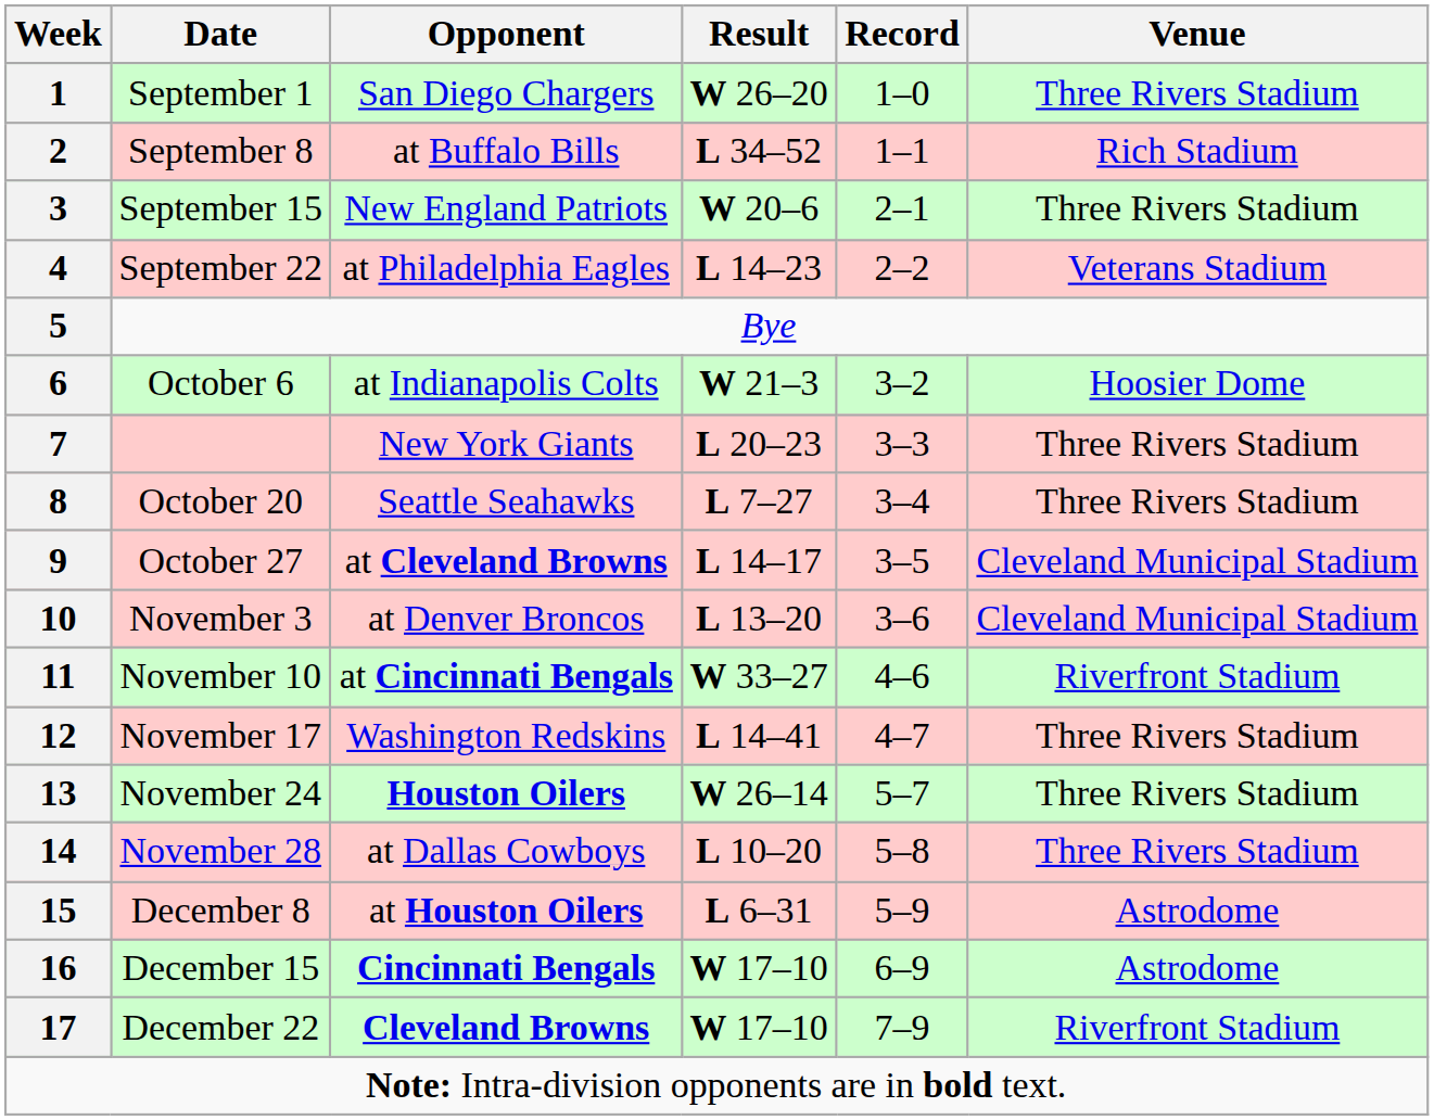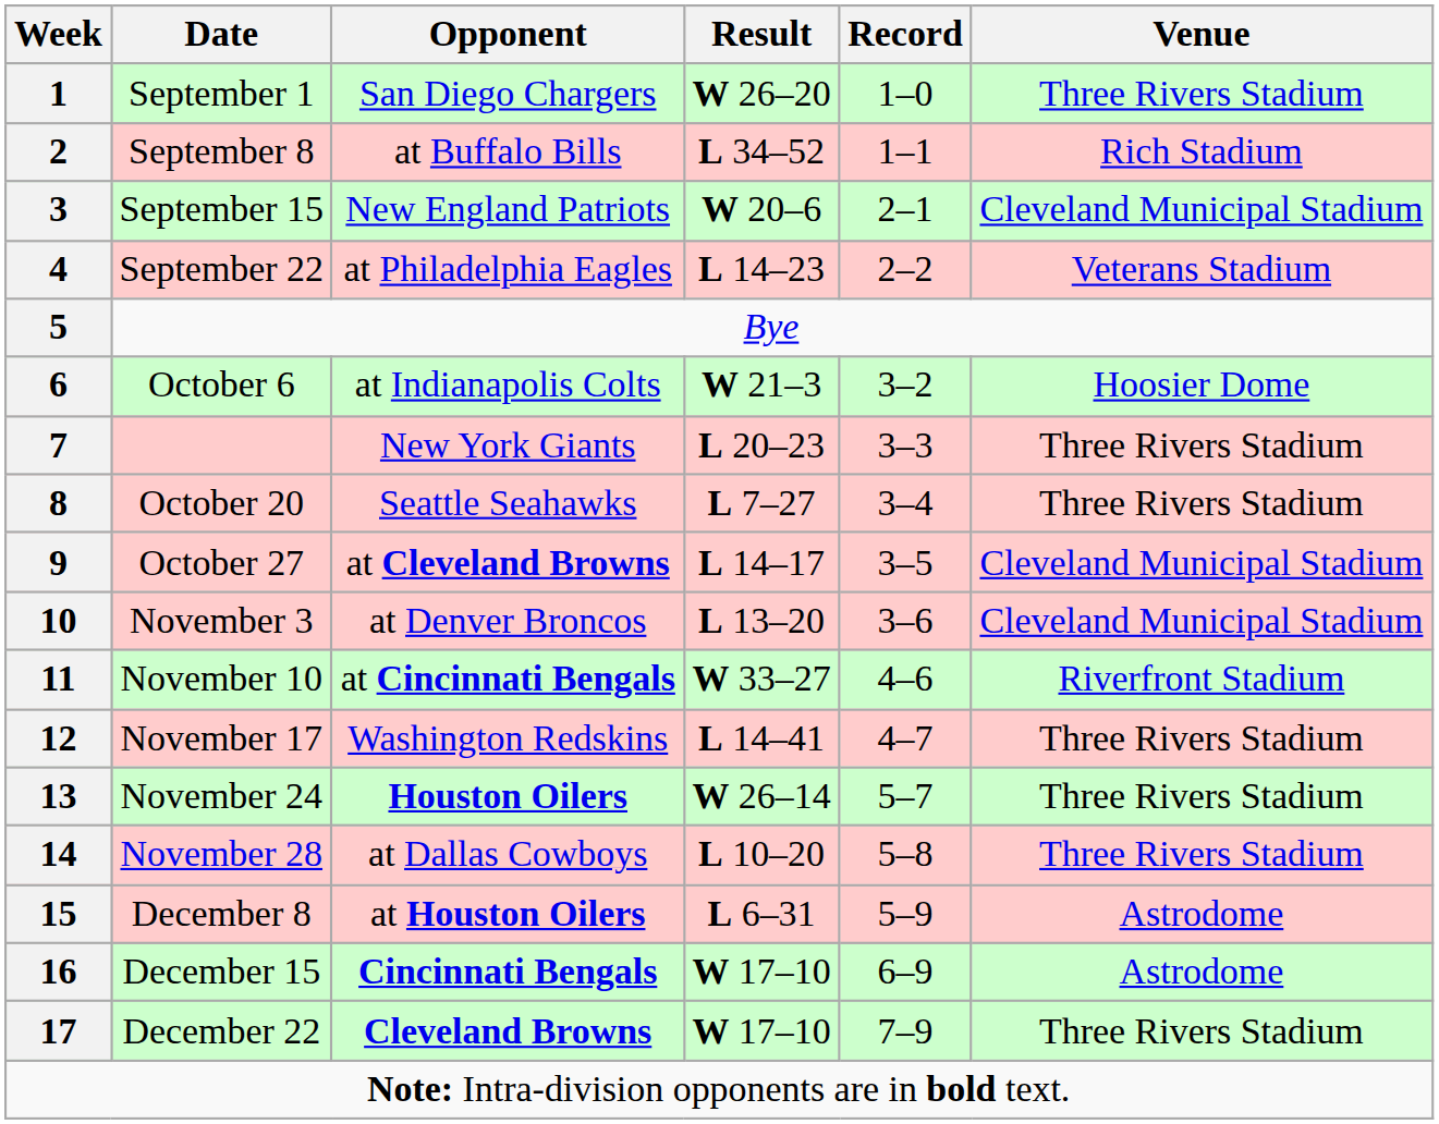 <table class="wikitable" style="text-align:center">
 <tr>
 <th>Week</th>
 <th>Date</th>
 <th>Opponent</th>
 <th>Result</th>
 <th>Record</th>
 <th>Venue</th>
 </tr>
 <tr style="background:#cfc">
 <th>1</th>
 <td>September 1</td>
 <td><a href='#'>San Diego Chargers</a></td>
 <td><strong>W</strong> 26–20</td>
 <td>1–0</td>
 <td><a href='#'>Three Rivers Stadium</a></td>
 </tr>
 <tr style="background:#fcc">
 <th>2</th>
 <td>September 8</td>
 <td>at <a href='#'>Buffalo Bills</a></td>
 <td><strong>L</strong> 34–52</td>
 <td>1–1</td>
 <td><a href='#'>Rich Stadium</a></td>
 </tr>
 <tr style="background:#cfc">
 <th>3</th>
 <td>September 15</td>
 <td><a href='#'>New England Patriots</a></td>
 <td><strong>W</strong> 20–6</td>
 <td>2–1</td>
-<td>Three Rivers Stadium</td>
+<td><a href='#'>Cleveland Municipal Stadium</a></td>
 </tr>
 <tr style="background:#fcc">
 <th>4</th>
 <td>September 22</td>
 <td>at <a href='#'>Philadelphia Eagles</a></td>
 <td><strong>L</strong> 14–23</td>
 <td>2–2</td>
 <td><a href='#'>Veterans Stadium</a></td>
 </tr>
 <tr>
 <th>5</th>
 <td colspan=6><em><a href='#'>Bye</a></em></td>
 </tr>
 <tr style="background:#cfc">
 <th>6</th>
 <td>October 6</td>
 <td>at <a href='#'>Indianapolis Colts</a></td>
 <td><strong>W</strong> 21–3</td>
 <td>3–2</td>
 <td><a href='#'>Hoosier Dome</a></td>
 </tr>
 <tr style="background:#fcc">
 <th>7</th>
 <td></td>
 <td><a href='#'>New York Giants</a></td>
 <td><strong>L</strong> 20–23</td>
 <td>3–3</td>
 <td>Three Rivers Stadium</td>
 </tr>
 <tr style="background:#fcc">
 <th>8</th>
 <td>October 20</td>
 <td><a href='#'>Seattle Seahawks</a></td>
 <td><strong>L</strong> 7–27</td>
 <td>3–4</td>
 <td>Three Rivers Stadium</td>
 </tr>
 <tr style="background:#fcc">
 <th>9</th>
 <td>October 27</td>
 <td>at <strong><a href='#'>Cleveland Browns</a></strong></td>
 <td><strong>L</strong> 14–17</td>
 <td>3–5</td>
 <td><a href='#'>Cleveland Municipal Stadium</a></td>
 </tr>
 <tr style="background:#fcc">
 <th>10</th>
 <td>November 3</td>
 <td>at <a href='#'>Denver Broncos</a></td>
 <td><strong>L</strong> 13–20</td>
 <td>3–6</td>
 <td><a href='#'>Cleveland Municipal Stadium</a></td>
 </tr>
 <tr style="background:#cfc">
 <th>11</th>
 <td>November 10</td>
 <td>at <strong><a href='#'>Cincinnati Bengals</a></strong></td>
 <td><strong>W</strong> 33–27</td>
 <td>4–6</td>
 <td><a href='#'>Riverfront Stadium</a></td>
 </tr>
 <tr style="background:#fcc">
 <th>12</th>
 <td>November 17</td>
 <td><a href='#'>Washington Redskins</a></td>
 <td><strong>L</strong> 14–41</td>
 <td>4–7</td>
 <td>Three Rivers Stadium</td>
 </tr>
 <tr style="background:#cfc">
 <th>13</th>
 <td>November 24</td>
 <td><strong><a href='#'>Houston Oilers</a></strong></td>
 <td><strong>W</strong> 26–14</td>
 <td>5–7</td>
 <td>Three Rivers Stadium</td>
 </tr>
 <tr style="background:#fcc">
 <th>14</th>
 <td><a href='#'>November 28</a></td>
 <td>at <a href='#'>Dallas Cowboys</a></td>
 <td><strong>L</strong> 10–20</td>
 <td>5–8</td>
 <td><a href='#'>Three Rivers Stadium</a></td>
 </tr>
 <tr style="background:#fcc">
 <th>15</th>
 <td>December 8</td>
 <td>at <strong><a href='#'>Houston Oilers</a></strong></td>
 <td><strong>L</strong> 6–31</td>
 <td>5–9</td>
 <td><a href='#'>Astrodome</a></td>
 </tr>
 <tr style="background:#cfc">
 <th>16</th>
 <td>December 15</td>
 <td><strong><a href='#'>Cincinnati Bengals</a></strong></td>
 <td><strong>W</strong> 17–10</td>
 <td>6–9</td>
 <td><a href='#'>Astrodome</a></td>
 </tr>
 <tr style="background:#cfc">
 <th>17</th>
 <td>December 22</td>
 <td><strong><a href='#'>Cleveland Browns</a></strong></td>
 <td><strong>W</strong> 17–10</td>
 <td>7–9</td>
-<td><a href='#'>Riverfront Stadium</a></td>
+<td>Three Rivers Stadium</td>
 </tr>
 <tr>
 <td colspan="8"><strong>Note:</strong> Intra-division opponents are in <strong>bold</strong> text.</td>
 </tr>
 </table>
